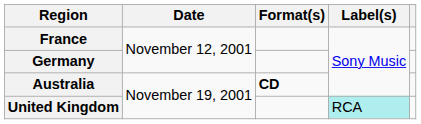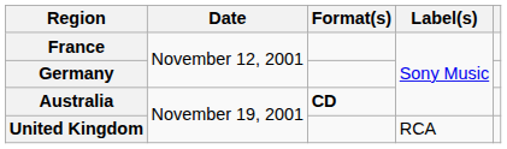 <table class="wikitable plainrowheaders">
 <tr>
 <th scope="col">Region</th>
 <th scope="col">Date</th>
 <th scope="col">Format(s)</th>
 <th scope="col">Label(s)</th>
 <th scope="col"></th>
 </tr>
 <tr>
 <th scope="row">France</th>
 <td rowspan="2">November 12, 2001</td>
 <td></td>
 <td rowspan="3"><a href='#'>Sony Music</a></td>
 <td></td>
 </tr>
 <tr>
 <th scope="row">Germany</th>
 <td></td>
 <td></td>
 </tr>
 <tr>
 <th scope="row">Australia</th>
 <td rowspan="2">November 19, 2001</td>
 <td><strong>CD</strong></td>
 <td></td>
 </tr>
 <tr>
 <th scope="row">United Kingdom</th>
 <td></td>
-<td style="background: paleturquoise;">RCA</td>
+<td>RCA</td>
 <td></td>
 </tr>
 </table>
